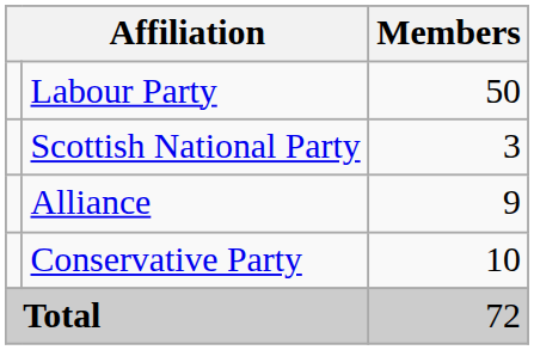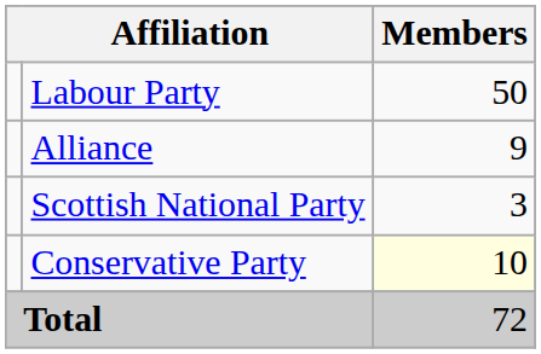 <table class="wikitable">
 <tr>
 <th colspan="2">Affiliation</th>
 <th>Members</th>
 </tr>
 <tr>
 <td style="color:inherit;background:"></td>
 <td><a href='#'>Labour Party</a></td>
 <td align="right">50</td>
 </tr>
 <tr>
 <td style="color:inherit;background:"></td>
+<td><a href='#'>Alliance</a></td>
+<td align="right">9</td>
+</tr>
+<tr>
+<td style="color:inherit;background:"></td>
 <td><a href='#'>Scottish National Party</a></td>
 <td align="right">3</td>
 </tr>
 <tr>
 <td style="color:inherit;background:"></td>
-<td><a href='#'>Alliance</a></td>
-<td align="right">9</td>
-</tr>
-<tr>
-<td style="color:inherit;background:"></td>
 <td><a href='#'>Conservative Party</a></td>
-<td align="right">10</td>
+<td align="right" style="background: lightyellow;">10</td>
 </tr>
 <tr bgcolor="CCCCCC">
 <td colspan="2" rowspan="1"> <strong>Total</strong></td>
 <td align="right">72</td>
 </tr>
 </table>
